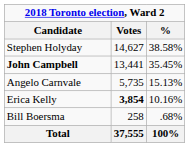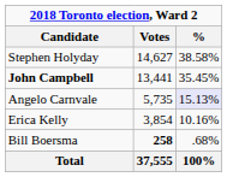 <table class="wikitable">
 <tr>
 <td Colspan="3" align="center"><strong><a href='#'>2018 Toronto election</a>, Ward 2</strong></td>
 </tr>
 <tr>
 <th bgcolor="#DDDDFF" width="150px">Candidate</th>
 <th bgcolor="#DDDDFF">Votes</th>
 <th bgcolor="#DDDDFF">%</th>
 </tr>
 <tr>
 <td>Stephen Holyday</td>
 <td align=right>14,627</td>
 <td align=right>38.58%</td>
 </tr>
 <tr>
 <td><strong>John Campbell</strong></td>
 <td align=right>13,441</td>
 <td align=right>35.45%</td>
 </tr>
 <tr>
 <td>Angelo Carnvale</td>
 <td align=right>5,735</td>
-<td align=right>15.13%</td>
+<td align=right style="background: lavender;">15.13%</td>
 </tr>
 <tr>
 <td>Erica Kelly</td>
-<td align=right><strong>3,854</strong></td>
+<td align=right>3,854</td>
 <td align=right>10.16%</td>
 </tr>
 <tr>
 <td>Bill Boersma</td>
-<td align=right>258</td>
+<td align=right><strong>258</strong></td>
 <td align=right>.68%</td>
 </tr>
 <tr>
 <th>Total</th>
 <th align=right>37,555</th>
 <th align=right>100%</th>
 </tr>
 </table>
